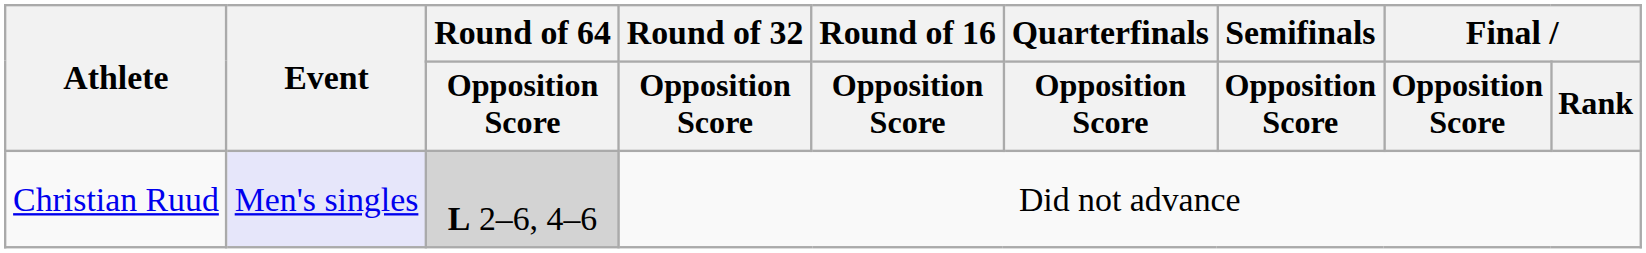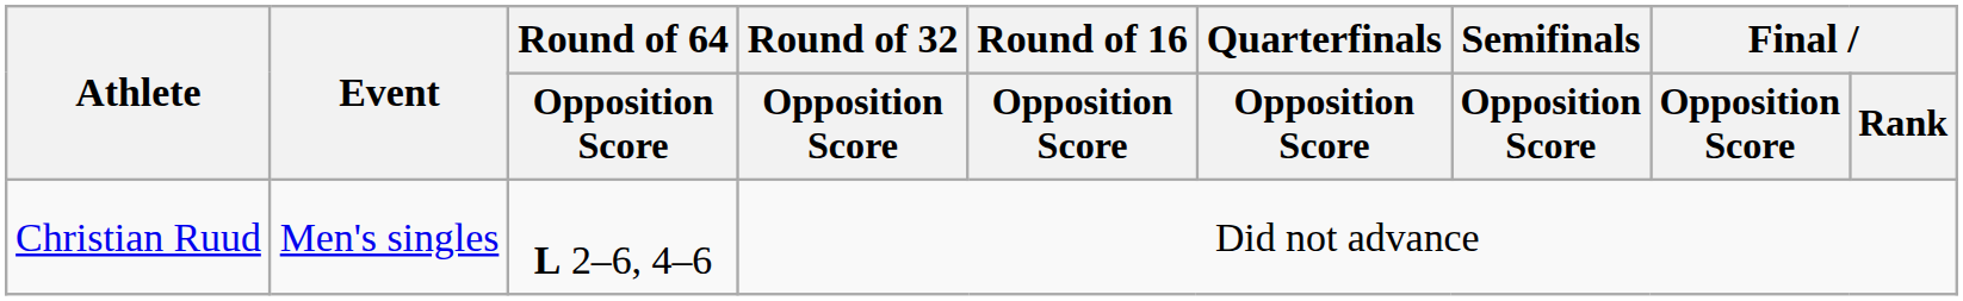 <table class=wikitable style="font-size:90%">
 <tr>
 <th rowspan="2">Athlete</th>
 <th rowspan="2">Event</th>
 <th>Round of 64</th>
 <th>Round of 32</th>
 <th>Round of 16</th>
 <th>Quarterfinals</th>
 <th>Semifinals</th>
 <th colspan=2>Final / </th>
 </tr>
 <tr style="font-size:95%">
 <th>Opposition<br>Score</th>
 <th>Opposition<br>Score</th>
 <th>Opposition<br>Score</th>
 <th>Opposition<br>Score</th>
 <th>Opposition<br>Score</th>
 <th>Opposition<br>Score</th>
 <th>Rank</th>
 </tr>
 <tr align=center>
 <td align=left><a href='#'>Christian Ruud</a></td>
-<td align=left style="background: lavender;"><a href='#'>Men's singles</a></td>
-<td style="background: lightgrey;"><br><strong>L</strong> 2–6, 4–6</td>
+<td align=left><a href='#'>Men's singles</a></td>
+<td><br><strong>L</strong> 2–6, 4–6</td>
 <td colspan=6>Did not advance</td>
 </tr>
 </table>
